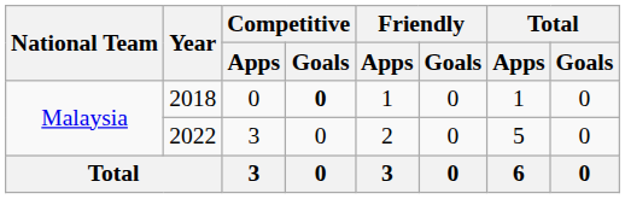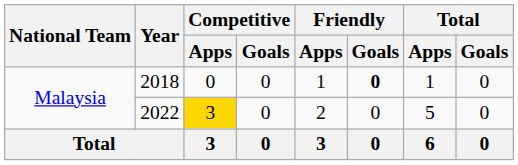 <table class="wikitable" style="text-align: center;">
 <tr>
 <th rowspan="2">National Team</th>
 <th rowspan="2">Year</th>
 <th colspan="2">Competitive</th>
 <th colspan="2">Friendly</th>
 <th colspan="2">Total</th>
 </tr>
 <tr>
 <th><strong>Apps</strong></th>
 <th>Goals</th>
 <th><strong>Apps</strong></th>
 <th>Goals</th>
 <th><strong>Apps</strong></th>
 <th>Goals</th>
 </tr>
 <tr>
 <td rowspan="2"><a href='#'>Malaysia</a></td>
 <td>2018</td>
 <td>0</td>
+<td>0</td>
+<td>1</td>
 <td><strong>0</strong></td>
-<td>1</td>
-<td>0</td>
 <td>1</td>
 <td>0</td>
 </tr>
 <tr>
 <td>2022</td>
-<td>3</td>
+<td style="background: gold;">3</td>
 <td>0</td>
 <td>2</td>
 <td>0</td>
 <td>5</td>
 <td>0</td>
 </tr>
 <tr>
 <th colspan="2">Total</th>
 <th>3</th>
 <th>0</th>
 <th>3</th>
 <th>0</th>
 <th>6</th>
 <th>0</th>
 </tr>
 </table>
